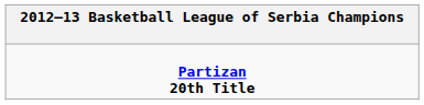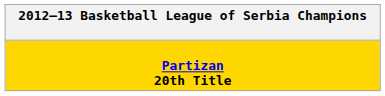 <table class="wikitable" style="margin: 0 auto; width: 30%;">
 <tr>
 <th>2012–13 Basketball League of Serbia Champions<br><br></th>
 </tr>
 <tr>
-<td align=center><br><strong><a href='#'>Partizan</a></strong><br><strong>20th Title</strong></td>
+<td align=center style="background: gold;"><br><strong><a href='#'>Partizan</a></strong><br><strong>20th Title</strong></td>
 </tr>
 </table>
